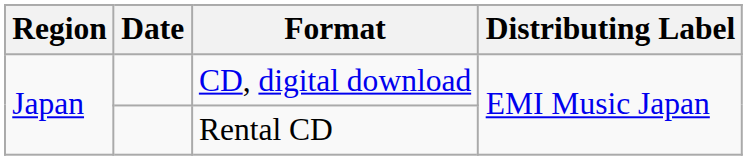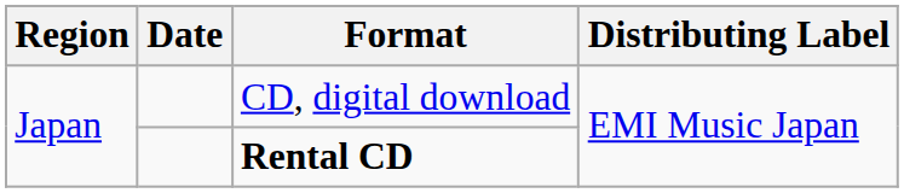 <table class="wikitable">
 <tr>
 <th>Region</th>
 <th>Date</th>
 <th>Format</th>
 <th>Distributing Label</th>
 </tr>
 <tr>
 <td rowspan="2"><a href='#'>Japan</a></td>
 <td></td>
 <td><a href='#'>CD</a>, <a href='#'>digital download</a></td>
 <td rowspan="2"><a href='#'>EMI Music Japan</a></td>
 </tr>
 <tr>
 <td></td>
-<td>Rental CD</td>
+<td><strong>Rental CD</strong></td>
 </tr>
 </table>
